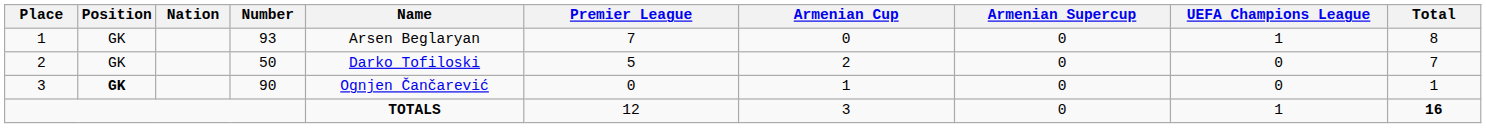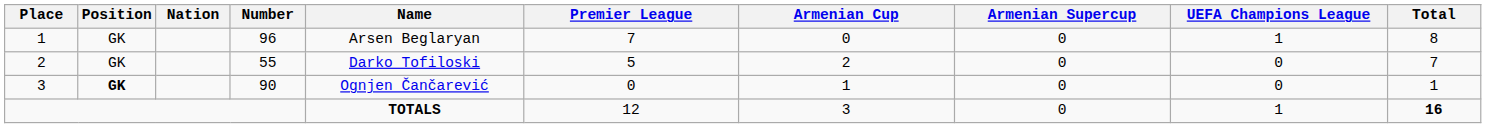 <table class="wikitable" style="font-size: 95%; text-align: center;">
 <tr>
 <th width=60>Place</th>
 <th width=60>Position</th>
 <th width=60>Nation</th>
 <th width=60>Number</th>
 <th width=200>Name</th>
 <th width=200><a href='#'>Premier League</a></th>
 <th width=200><a href='#'>Armenian Cup</a></th>
 <th width=200><a href='#'>Armenian Supercup</a></th>
 <th width=200><a href='#'>UEFA Champions League</a></th>
 <th width=80><strong>Total</strong></th>
 </tr>
 <tr>
 <td>1</td>
 <td>GK</td>
 <td></td>
-<td>93</td>
+<td>96</td>
 <td>Arsen Beglaryan</td>
 <td>7</td>
 <td>0</td>
 <td>0</td>
 <td>1</td>
 <td>8</td>
 </tr>
 <tr>
 <td>2</td>
 <td>GK</td>
 <td></td>
-<td>50</td>
+<td>55</td>
 <td><a href='#'>Darko Tofiloski</a></td>
 <td>5</td>
 <td>2</td>
 <td>0</td>
 <td>0</td>
 <td>7</td>
 </tr>
 <tr>
 <td>3</td>
 <td><strong>GK</strong></td>
 <td></td>
 <td>90</td>
 <td><a href='#'>Ognjen Čančarević</a></td>
 <td>0</td>
 <td>1</td>
 <td>0</td>
 <td>0</td>
 <td>1</td>
 </tr>
 <tr>
 <td colspan="4"></td>
 <td><strong>TOTALS</strong></td>
 <td>12</td>
 <td>3</td>
 <td>0</td>
 <td>1</td>
 <td><strong>16</strong></td>
 </tr>
 </table>
